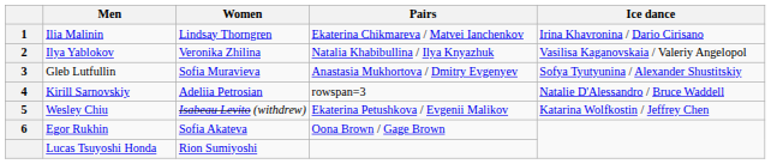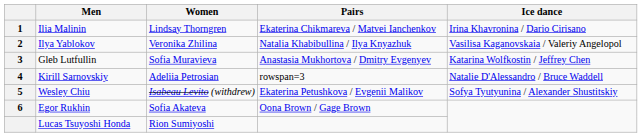 <table class="wikitable unsortable" style="text-align:left">
 <tr>
 <th scope="col" style="width:5%"></th>
 <th scope="col" style="width:17.5%">Men</th>
 <th scope="col" style="width:17.5%">Women</th>
 <th scope="col" style="width:30%">Pairs</th>
 <th scope="col" style="width:30%">Ice dance</th>
 </tr>
 <tr>
 <th scope="row">1</th>
 <td> <a href='#'>Ilia Malinin</a></td>
 <td> <a href='#'>Lindsay Thorngren</a></td>
 <td> <a href='#'>Ekaterina Chikmareva</a> / <a href='#'>Matvei Ianchenkov</a></td>
 <td> <a href='#'>Irina Khavronina</a> / <a href='#'>Dario Cirisano</a></td>
 </tr>
 <tr>
 <th scope="row">2</th>
 <td> <a href='#'>Ilya Yablokov</a></td>
 <td> <a href='#'>Veronika Zhilina</a></td>
 <td> <a href='#'>Natalia Khabibullina</a> / <a href='#'>Ilya Knyazhuk</a></td>
 <td> <a href='#'>Vasilisa Kaganovskaia</a> / Valeriy Angelopol</td>
 </tr>
 <tr>
 <th scope="row">3</th>
 <td> Gleb Lutfullin</td>
 <td> <a href='#'>Sofia Muravieva</a></td>
 <td> <a href='#'>Anastasia Mukhortova</a> / <a href='#'>Dmitry Evgenyev</a></td>
-<td> <a href='#'>Sofya Tyutyunina</a> / <a href='#'>Alexander Shustitskiy</a></td>
+<td> <a href='#'>Katarina Wolfkostin</a> / <a href='#'>Jeffrey Chen</a></td>
 </tr>
 <tr>
 <th scope="row">4</th>
 <td> <a href='#'>Kirill Sarnovskiy</a></td>
 <td> <a href='#'>Adeliia Petrosian</a></td>
 <td>rowspan=3 </td>
 <td> <a href='#'>Natalie D'Alessandro</a> / <a href='#'>Bruce Waddell</a></td>
 </tr>
 <tr>
 <th scope="row">5</th>
 <td> <a href='#'>Wesley Chiu</a></td>
 <td><s><em> <a href='#'>Isabeau Levito</a></em></s> <em>(withdrew)</em></td>
 <td> <a href='#'>Ekaterina Petushkova</a> / <a href='#'>Evgenii Malikov</a></td>
-<td> <a href='#'>Katarina Wolfkostin</a> / <a href='#'>Jeffrey Chen</a></td>
+<td> <a href='#'>Sofya Tyutyunina</a> / <a href='#'>Alexander Shustitskiy</a></td>
 </tr>
 <tr>
 <th scope="row">6</th>
 <td> <a href='#'>Egor Rukhin</a></td>
 <td> <a href='#'>Sofia Akateva</a></td>
 <td> <a href='#'>Oona Brown</a> / <a href='#'>Gage Brown</a></td>
 </tr>
 <tr>
 <th scope="row"> </th>
 <td> <a href='#'>Lucas Tsuyoshi Honda</a></td>
 <td> <a href='#'>Rion Sumiyoshi</a></td>
 <td></td>
 </tr>
 </table>
